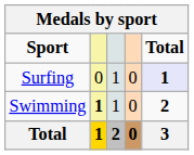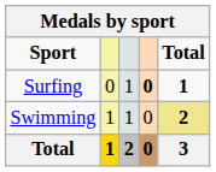 <table class="wikitable" style="font-size:85%">
 <tr style="background:#efefef;">
 <th colspan=7><strong>Medals by sport</strong></th>
 </tr>
 <tr align=center>
 <td><strong>Sport</strong></td>
 <td bgcolor=#f7f6a8></td>
 <td bgcolor=#dce5e5></td>
 <td bgcolor=#ffdab9></td>
 <td><strong>Total</strong></td>
 </tr>
 <tr align=center>
 <td><a href='#'>Surfing</a></td>
 <td style="background:#F7F6A8;">0</td>
 <td style="background:#DCE5E5;">1</td>
-<td style="background:#FFDAB9;">0</td>
-<td style="background: lavender;"><strong>1</strong></td>
+<td style="background:#FFDAB9;"><strong>0</strong></td>
+<td><strong>1</strong></td>
 </tr>
 <tr align=center>
 <td><a href='#'>Swimming</a></td>
-<td style="background:#F7F6A8;"><strong>1</strong></td>
+<td style="background:#F7F6A8;">1</td>
 <td style="background:#DCE5E5;">1</td>
 <td style="background:#FFDAB9;">0</td>
-<td><strong>2</strong></td>
+<td style="background: khaki;"><strong>2</strong></td>
 </tr>
 <tr align=center>
 <th><strong>Total</strong></th>
 <th style="background:gold;"><strong>1</strong></th>
 <th style="background:silver;"><strong>2</strong></th>
 <th style="background:#c96;"><strong>0</strong></th>
 <th><strong>3</strong></th>
 </tr>
 </table>
